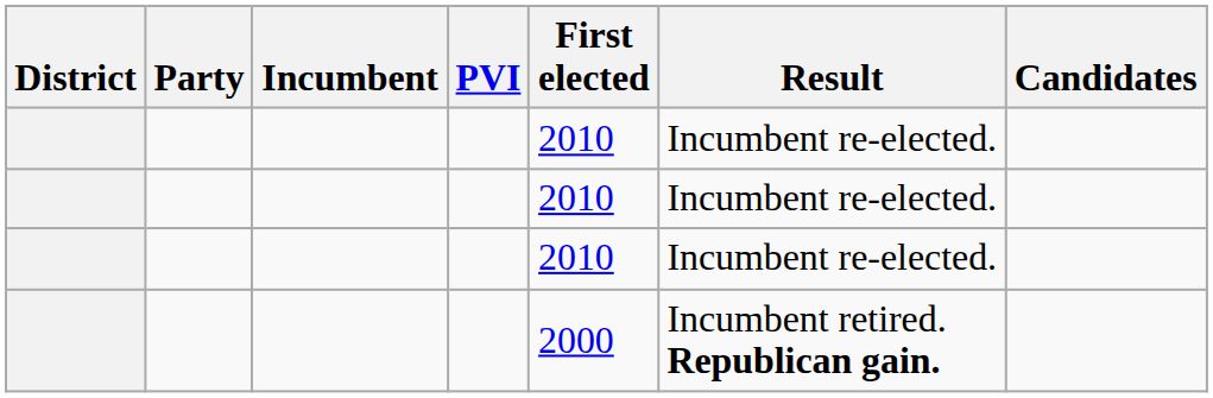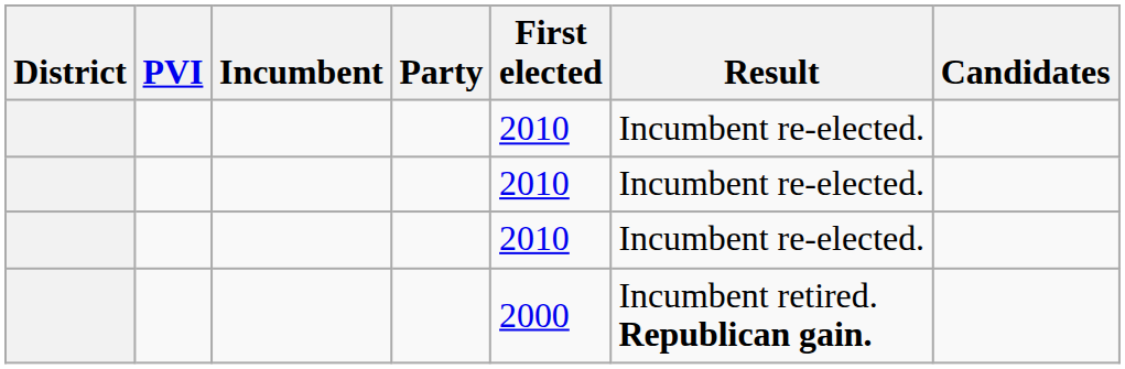 <table class="wikitable sortable">
 <tr valign=bottom>
 <th>District</th>
+<th><a href='#'>PVI</a></th>
+<th>Incumbent</th>
 <th>Party</th>
-<th>Incumbent</th>
-<th><a href='#'>PVI</a></th>
 <th>First<br>elected</th>
 <th>Result</th>
 <th>Candidates</th>
 </tr>
 <tr>
 <th></th>
 <td></td>
 <td></td>
 <td></td>
 <td><a href='#'>2010</a></td>
 <td>Incumbent re-elected.</td>
 <td nowrap></td>
 </tr>
 <tr>
 <th></th>
 <td></td>
 <td></td>
 <td></td>
 <td><a href='#'>2010</a></td>
 <td>Incumbent re-elected.</td>
 <td nowrap></td>
 </tr>
 <tr>
 <th></th>
 <td></td>
 <td></td>
 <td></td>
 <td><a href='#'>2010</a></td>
 <td>Incumbent re-elected.</td>
 <td nowrap></td>
 </tr>
 <tr>
 <th></th>
 <td></td>
 <td></td>
 <td></td>
 <td><a href='#'>2000</a></td>
 <td>Incumbent retired.<br><strong>Republican gain.</strong></td>
 <td nowrap></td>
 </tr>
 </table>
